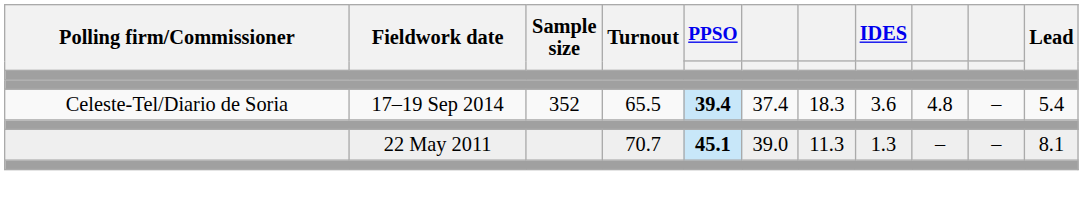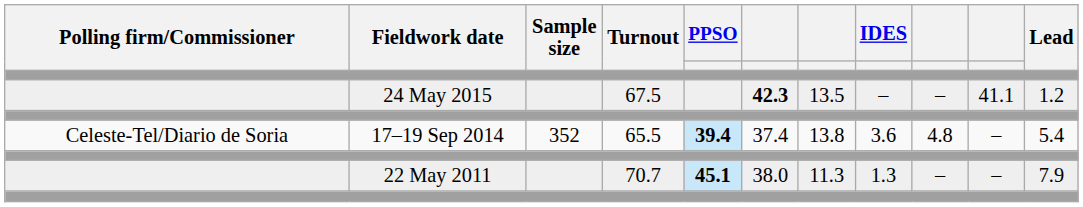 <table class="wikitable collapsible collapsed" style="text-align:center; font-size:95%; line-height:16px;">
 <tr style="height:42px;">
 <th style="width:250px;" rowspan="2">Polling firm/Commissioner</th>
 <th style="width:125px;" rowspan="2">Fieldwork date</th>
 <th style="width:50px;" rowspan="2">Sample size</th>
 <th style="width:45px;" rowspan="2">Turnout</th>
 <th style="width:35px; font-size:95%;"><a href='#'>PPSO</a></th>
 <th style="width:35px;"></th>
 <th style="width:35px;"></th>
 <th style="width:35px;"><a href='#'>IDES</a></th>
 <th style="width:35px;"></th>
 <th style="width:35px;"></th>
 <th style="width:30px;" rowspan="2">Lead</th>
 </tr>
 <tr>
 <th style="color:inherit;background:"></th>
 <th style="color:inherit;background:"></th>
 <th style="color:inherit;background:"></th>
 <th style="color:inherit;background:"></th>
 <th style="color:inherit;background:"></th>
 <th style="color:inherit;background:"></th>
 </tr>
 <tr>
 <td colspan="11" style="background:#A0A0A0"></td>
 </tr>
+<tr style="background:#EFEFEF;">
+<td><strong></strong></td>
+<td>24 May 2015</td>
+<td></td>
+<td>67.5</td>
+<td></td>
+<td><strong>42.3</strong><br></td>
+<td>13.5<br></td>
+<td>–</td>
+<td>–</td>
+<td>41.1<br></td>
+<td style="background:">1.2</td>
+</tr>
 <tr>
 <td colspan="11" style="background:#A0A0A0"></td>
 </tr>
 <tr>
 <td>Celeste-Tel/Diario de Soria</td>
 <td>17–19 Sep 2014</td>
 <td>352</td>
 <td>65.5</td>
 <td style="background:#C8E7F9;"><strong>39.4</strong><br></td>
 <td>37.4<br></td>
-<td>18.3<br></td>
+<td>13.8<br></td>
 <td>3.6<br></td>
 <td>4.8<br></td>
 <td>–</td>
 <td style="background:">5.4</td>
 </tr>
 <tr>
 <td colspan="11" style="background:#A0A0A0"></td>
 </tr>
 <tr style="background:#EFEFEF;">
 <td><strong></strong></td>
 <td>22 May 2011</td>
 <td></td>
 <td>70.7</td>
 <td style="background:#C8E7F9;"><strong>45.1</strong><br></td>
-<td>39.0<br></td>
+<td>38.0<br></td>
 <td>11.3<br></td>
 <td>1.3<br></td>
 <td>–</td>
 <td>–</td>
-<td style="background:">8.1</td>
+<td style="background:">7.9</td>
 </tr>
 <tr>
 <td colspan="11" style="background:#A0A0A0"></td>
 </tr>
 </table>
